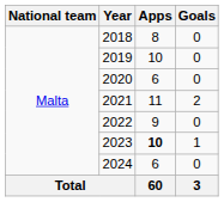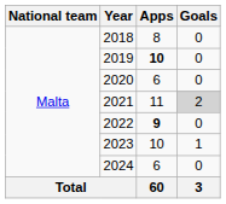 <table class="wikitable" style="text-align: center;">
 <tr>
 <th>National team</th>
 <th>Year</th>
 <th>Apps</th>
 <th>Goals</th>
 </tr>
 <tr>
 <td rowspan="7"><a href='#'>Malta</a></td>
 <td>2018</td>
 <td>8</td>
 <td>0</td>
 </tr>
 <tr>
 <td>2019</td>
-<td>10</td>
+<td><strong>10</strong></td>
 <td>0</td>
 </tr>
 <tr>
 <td>2020</td>
 <td>6</td>
 <td>0</td>
 </tr>
 <tr>
 <td>2021</td>
 <td>11</td>
-<td>2</td>
+<td style="background: lightgrey;">2</td>
 </tr>
 <tr>
 <td>2022</td>
-<td>9</td>
+<td><strong>9</strong></td>
 <td>0</td>
 </tr>
 <tr>
 <td>2023</td>
-<td><strong>10</strong></td>
+<td>10</td>
 <td>1</td>
 </tr>
 <tr>
 <td>2024</td>
 <td>6</td>
 <td>0</td>
 </tr>
 <tr>
 <th colspan="2">Total</th>
 <th>60</th>
 <th>3</th>
 </tr>
 </table>
